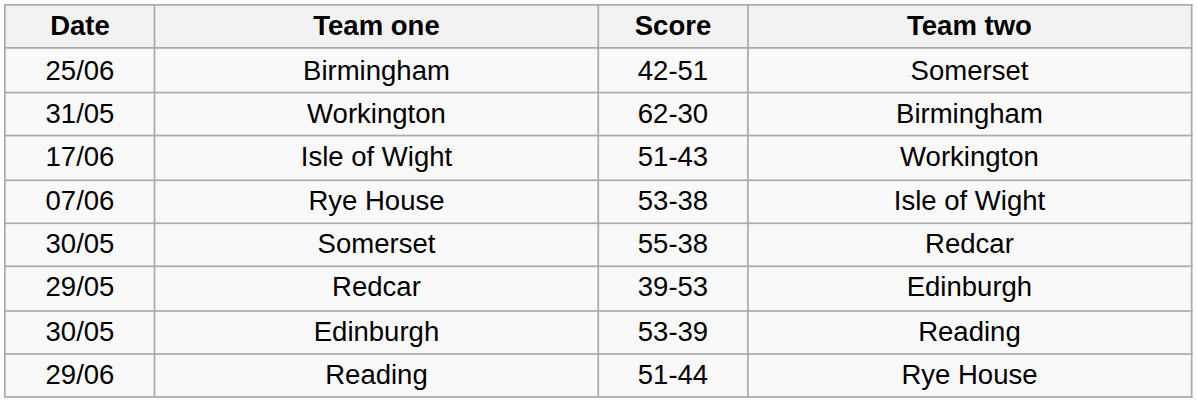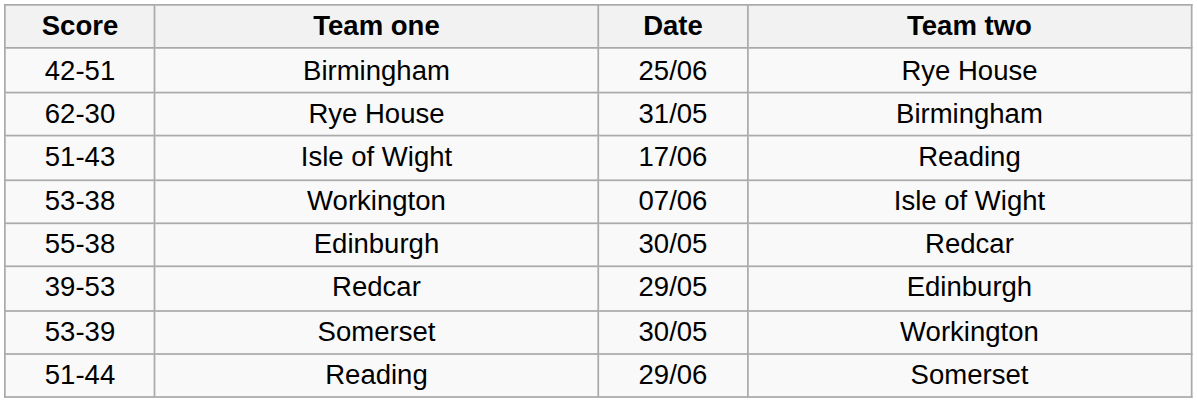 <table class="wikitable" style="text-align: center">
 <tr>
+<th width=80>Score</th>
+<th width=250>Team one</th>
 <th width=80>Date</th>
-<th width=250>Team one</th>
-<th width=80>Score</th>
 <th width=250>Team two</th>
 </tr>
 <tr>
+<td>42-51</td>
+<td>Birmingham</td>
 <td>25/06</td>
-<td>Birmingham</td>
-<td>42-51</td>
-<td>Somerset</td>
+<td>Rye House</td>
 </tr>
 <tr>
+<td>62-30</td>
+<td>Rye House</td>
 <td>31/05</td>
-<td>Workington</td>
-<td>62-30</td>
 <td>Birmingham</td>
 </tr>
 <tr>
+<td>51-43</td>
+<td>Isle of Wight</td>
 <td>17/06</td>
+<td>Reading</td>
+</tr>
+<tr>
+<td>53-38</td>
+<td>Workington</td>
+<td>07/06</td>
 <td>Isle of Wight</td>
-<td>51-43</td>
+</tr>
+<tr>
+<td>55-38</td>
+<td>Edinburgh</td>
+<td>30/05</td>
+<td>Redcar</td>
+</tr>
+<tr>
+<td>39-53</td>
+<td>Redcar</td>
+<td>29/05</td>
+<td>Edinburgh</td>
+</tr>
+<tr>
+<td>53-39</td>
+<td>Somerset</td>
+<td>30/05</td>
 <td>Workington</td>
 </tr>
 <tr>
-<td>07/06</td>
-<td>Rye House</td>
-<td>53-38</td>
-<td>Isle of Wight</td>
-</tr>
-<tr>
-<td>30/05</td>
+<td>51-44</td>
+<td>Reading</td>
+<td>29/06</td>
 <td>Somerset</td>
-<td>55-38</td>
-<td>Redcar</td>
-</tr>
-<tr>
-<td>29/05</td>
-<td>Redcar</td>
-<td>39-53</td>
-<td>Edinburgh</td>
-</tr>
-<tr>
-<td>30/05</td>
-<td>Edinburgh</td>
-<td>53-39</td>
-<td>Reading</td>
-</tr>
-<tr>
-<td>29/06</td>
-<td>Reading</td>
-<td>51-44</td>
-<td>Rye House</td>
 </tr>
 </table>
